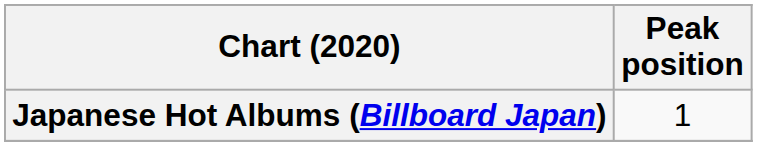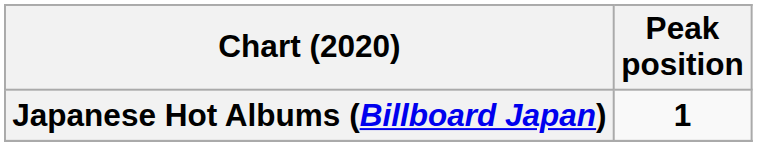 <table class="wikitable plainrowheaders" style="text-align:center">
 <tr>
 <th scope="col">Chart (2020)</th>
 <th scope="col">Peak<br>position</th>
 </tr>
 <tr>
 <th scope="row">Japanese Hot Albums (<em><a href='#'>Billboard Japan</a></em>)</th>
-<td>1</td>
+<td><strong>1</strong></td>
 </tr>
 <tr>
 </tr>
 </table>
